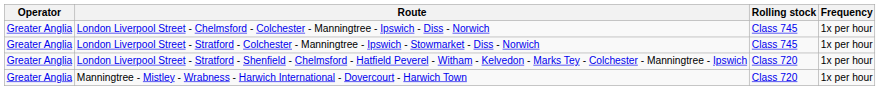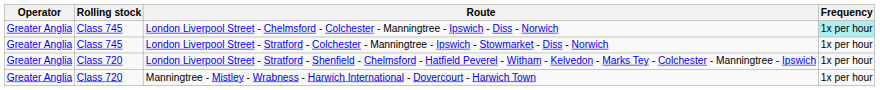 <table class="wikitable vatop">
 <tr>
 <th>Operator</th>
+<th>Rolling stock</th>
 <th>Route</th>
-<th>Rolling stock</th>
 <th>Frequency</th>
 </tr>
 <tr>
 <td><a href='#'>Greater Anglia</a></td>
+<td><a href='#'>Class 745</a></td>
 <td><a href='#'>London Liverpool Street</a> - <a href='#'>Chelmsford</a> -  <a href='#'>Colchester</a> - Manningtree - <a href='#'>Ipswich</a> - <a href='#'>Diss</a> - <a href='#'>Norwich</a></td>
+<td style="background: paleturquoise;">1x per hour</td>
+</tr>
+<tr>
+<td><a href='#'>Greater Anglia</a></td>
 <td><a href='#'>Class 745</a></td>
+<td><a href='#'>London Liverpool Street</a> - <a href='#'>Stratford</a> - <a href='#'>Colchester</a> - Manningtree - <a href='#'>Ipswich</a> - <a href='#'>Stowmarket</a> - <a href='#'>Diss</a> - <a href='#'>Norwich</a></td>
 <td>1x per hour</td>
 </tr>
 <tr>
 <td><a href='#'>Greater Anglia</a></td>
-<td><a href='#'>London Liverpool Street</a> - <a href='#'>Stratford</a> - <a href='#'>Colchester</a> - Manningtree - <a href='#'>Ipswich</a> - <a href='#'>Stowmarket</a> - <a href='#'>Diss</a> - <a href='#'>Norwich</a></td>
-<td><a href='#'>Class 745</a></td>
+<td><a href='#'>Class 720</a></td>
+<td><a href='#'>London Liverpool Street</a> - <a href='#'>Stratford</a> - <a href='#'>Shenfield</a> - <a href='#'>Chelmsford</a> - <a href='#'>Hatfield Peverel</a> - <a href='#'>Witham</a> - <a href='#'>Kelvedon</a> - <a href='#'>Marks Tey</a> - <a href='#'>Colchester</a> - Manningtree - <a href='#'>Ipswich</a></td>
 <td>1x per hour</td>
 </tr>
 <tr>
 <td><a href='#'>Greater Anglia</a></td>
-<td><a href='#'>London Liverpool Street</a> - <a href='#'>Stratford</a> - <a href='#'>Shenfield</a> - <a href='#'>Chelmsford</a> - <a href='#'>Hatfield Peverel</a> - <a href='#'>Witham</a> - <a href='#'>Kelvedon</a> - <a href='#'>Marks Tey</a> - <a href='#'>Colchester</a> - Manningtree - <a href='#'>Ipswich</a></td>
 <td><a href='#'>Class 720</a></td>
-<td>1x per hour</td>
-</tr>
-<tr>
-<td><a href='#'>Greater Anglia</a></td>
 <td>Manningtree - <a href='#'>Mistley</a> - <a href='#'>Wrabness</a> - <a href='#'>Harwich International</a> - <a href='#'>Dovercourt</a> - <a href='#'>Harwich Town</a></td>
-<td><a href='#'>Class 720</a></td>
 <td>1x per hour</td>
 </tr>
 </table>
